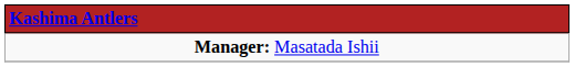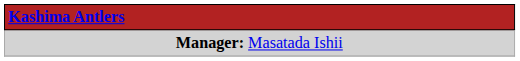 <table class="wikitable" style="width:40%; text-align:center">
 <tr>
 <th colspan="7" style="text-align:left; background:firebrick; color:#fff; border:1px solid black"> <a href='#'><span>Kashima Antlers</span></a></th>
 </tr>
 <tr>
-<td><strong>Manager:</strong>  <a href='#'>Masatada Ishii</a></td>
+<td style="background: lightgrey;"><strong>Manager:</strong>  <a href='#'>Masatada Ishii</a></td>
 </tr>
 <tr>
 </tr>
 </table>
